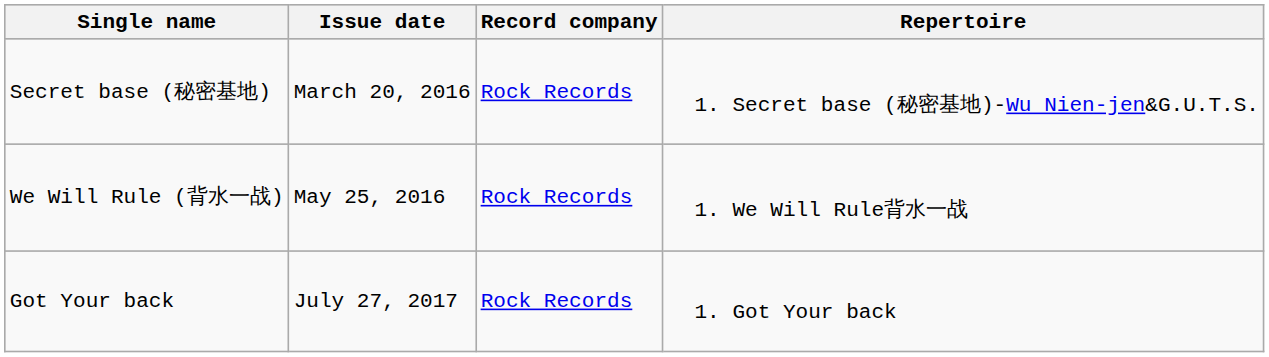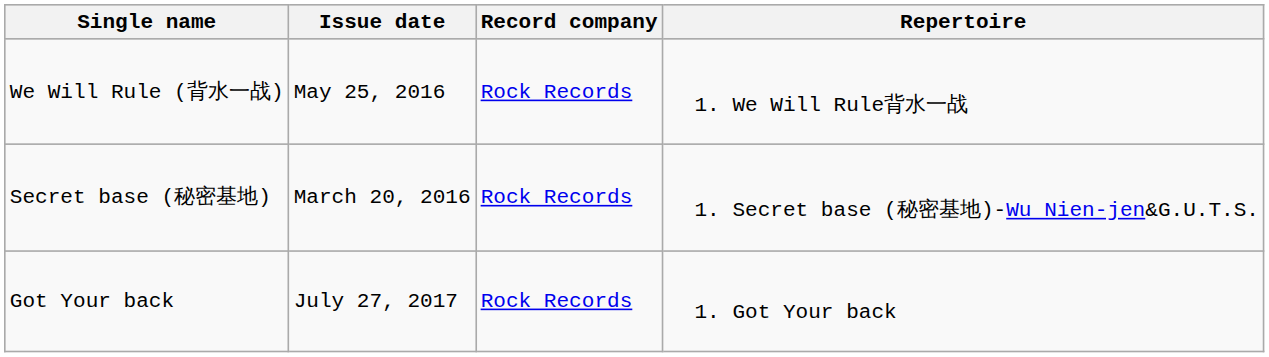 <table class="wikitable">
 <tr>
 <th>Single name</th>
 <th>Issue date</th>
 <th>Record company</th>
 <th>Repertoire</th>
 </tr>
 <tr>
+<td>We Will Rule (背水一战)</td>
+<td>May 25, 2016</td>
+<td><a href='#'>Rock Records</a></td>
+<td><br><ol><li>We Will Rule背水一战</li></ol></td>
+</tr>
+<tr>
 <td>Secret base (秘密基地)</td>
 <td>March 20, 2016</td>
 <td><a href='#'>Rock Records</a></td>
 <td><br><ol><li>Secret base (秘密基地)-<a href='#'>Wu Nien-jen</a>&G.U.T.S.</li></ol></td>
-</tr>
-<tr>
-<td>We Will Rule (背水一战)</td>
-<td>May 25, 2016</td>
-<td><a href='#'>Rock Records</a></td>
-<td><br><ol><li>We Will Rule背水一战</li></ol></td>
 </tr>
 <tr>
 <td>Got Your back</td>
 <td>July 27, 2017</td>
 <td><a href='#'>Rock Records</a></td>
 <td><br><ol><li>Got Your back</li></ol></td>
 </tr>
 </table>
